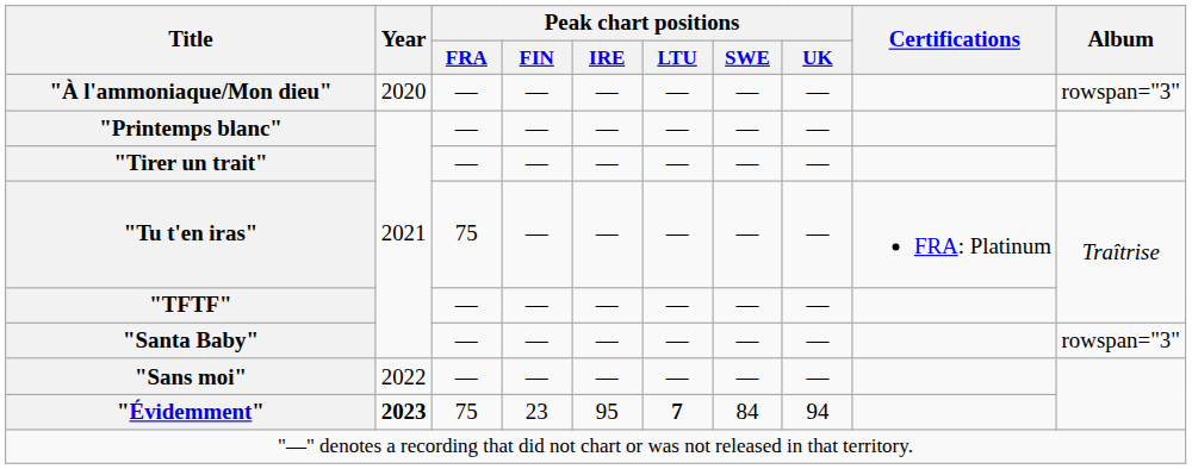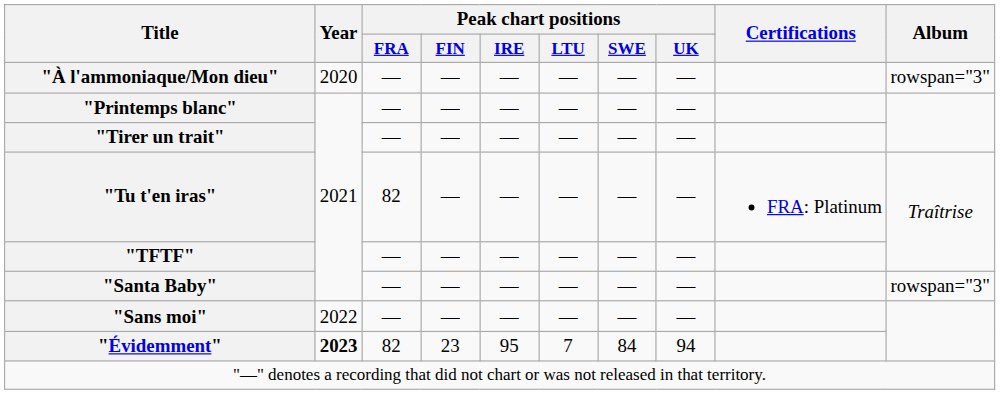 <table class="wikitable plainrowheaders" style="text-align:center;">
 <tr>
 <th scope="col" rowspan="2" style="width:16em;">Title</th>
 <th scope="col" rowspan="2" style="width:1em;">Year</th>
 <th scope="col" colspan="6">Peak chart positions</th>
 <th scope="col" rowspan="2"><a href='#'>Certifications</a></th>
 <th rowspan="2">Album</th>
 </tr>
 <tr>
 <th scope="col" style="width:3em;font-size:90%;"><a href='#'>FRA</a><br></th>
 <th scope="col" style="width:3em;font-size:90%;"><a href='#'>FIN</a><br></th>
 <th scope="col" style="width:3em;font-size:90%;"><a href='#'>IRE</a><br></th>
 <th scope="col" style="width:3em;font-size:90%;"><a href='#'>LTU</a><br></th>
 <th scope="col" style="width:3em;font-size:90%;"><a href='#'>SWE</a><br></th>
 <th scope="col" style="width:3em;font-size:90%;"><a href='#'>UK</a><br></th>
 </tr>
 <tr>
 <th scope="row">"À l'ammoniaque/Mon dieu"</th>
 <td>2020</td>
 <td>—</td>
 <td>—</td>
 <td>—</td>
 <td>—</td>
 <td>—</td>
 <td>—</td>
 <td></td>
 <td>rowspan="3" </td>
 </tr>
 <tr>
 <th scope="row">"Printemps blanc"</th>
 <td rowspan="5">2021</td>
 <td>—</td>
 <td>—</td>
 <td>—</td>
 <td>—</td>
 <td>—</td>
 <td>—</td>
 <td></td>
 </tr>
 <tr>
 <th scope="row">"Tirer un trait"</th>
 <td>—</td>
 <td>—</td>
 <td>—</td>
 <td>—</td>
 <td>—</td>
 <td>—</td>
 <td></td>
 </tr>
 <tr>
 <th scope="row">"Tu t'en iras"</th>
-<td>75</td>
+<td>82</td>
 <td>—</td>
 <td>—</td>
 <td>—</td>
 <td>—</td>
 <td>—</td>
 <td><br><ul><li><a href='#'>FRA</a>: Platinum</li></ul></td>
 <td rowspan="2"><em>Traîtrise</em></td>
 </tr>
 <tr>
 <th scope="row">"TFTF"</th>
 <td>—</td>
 <td>—</td>
 <td>—</td>
 <td>—</td>
 <td>—</td>
 <td>—</td>
 <td></td>
 </tr>
 <tr>
 <th scope="row">"Santa Baby"</th>
 <td>—</td>
 <td>—</td>
 <td>—</td>
 <td>—</td>
 <td>—</td>
 <td>—</td>
 <td></td>
 <td>rowspan="3" </td>
 </tr>
 <tr>
 <th scope="row">"Sans moi"</th>
 <td>2022</td>
 <td>—</td>
 <td>—</td>
 <td>—</td>
 <td>—</td>
 <td>—</td>
 <td>—</td>
 <td></td>
 </tr>
 <tr>
 <th scope="row">"<a href='#'>Évidemment</a>"</th>
 <td><strong>2023</strong></td>
-<td>75</td>
+<td>82</td>
 <td>23</td>
 <td>95<br></td>
-<td><strong>7</strong></td>
+<td>7</td>
 <td>84</td>
 <td>94</td>
 <td></td>
 </tr>
 <tr>
 <td colspan="15" style="font-size:90%">"—" denotes a recording that did not chart or was not released in that territory.</td>
 </tr>
 </table>
